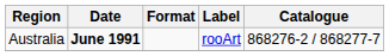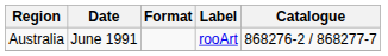 <table class="wikitable plainrowheaders">
 <tr>
 <th scope="col">Region</th>
 <th scope="col">Date</th>
 <th scope="col">Format</th>
 <th scope="col">Label</th>
 <th scope="col">Catalogue</th>
 </tr>
 <tr>
 <td>Australia</td>
-<td><strong>June 1991</strong></td>
+<td>June 1991</td>
 <td></td>
 <td><a href='#'>rooArt</a></td>
 <td>868276-2 / 868277-7</td>
 </tr>
 <tr>
 </tr>
 </table>
